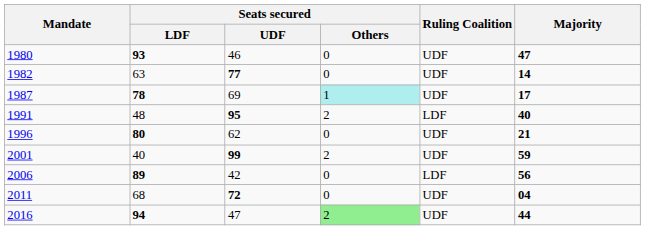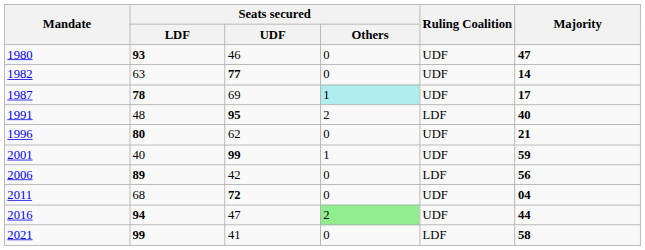 <table class="wikitable sortable"; text-align:center">
 <tr>
 <th rowspan="2">Mandate</th>
 <th colspan="3">Seats secured</th>
 <th rowspan="2">Ruling C<strong>oalition</strong></th>
 <th rowspan="2">Majority</th>
 </tr>
 <tr>
 <th style="width:15%;" Style="background-color:">LDF</th>
 <th style="width:15%;" Style="background-color:">UDF</th>
 <th>Others</th>
 </tr>
 <tr>
 <td><a href='#'>1980</a></td>
 <td style="width:15%;" Style="background-color:"><strong>93</strong></td>
 <td>46</td>
 <td>0</td>
 <td style="width:15%;" Style="background-color:">UDF</td>
 <td style="color:"><strong>47</strong></td>
 </tr>
 <tr>
 <td><a href='#'>1982</a></td>
 <td>63</td>
 <td style="width:15%;" Style="background-color:"><strong>77</strong></td>
 <td>0</td>
 <td style="width:15%;" Style="background-color:">UDF</td>
 <td style="color:"><strong>14</strong></td>
 </tr>
 <tr>
 <td><a href='#'>1987</a></td>
 <td style="width:15%;" Style="background-color:"><strong>78</strong></td>
 <td>69</td>
 <td style="background: paleturquoise;">1</td>
 <td style="width:15%;" Style="background-color:">UDF</td>
 <td style="color:"><strong>17</strong></td>
 </tr>
 <tr>
 <td><a href='#'>1991</a></td>
 <td>48</td>
 <td style="width:15%;" Style="background-color:"><strong>95</strong></td>
 <td>2</td>
 <td style="width:15%;" Style="background-color:">LDF</td>
 <td style="color:"><strong>40</strong></td>
 </tr>
 <tr>
 <td><a href='#'>1996</a></td>
 <td style="width:15%;" Style="background-color:"><strong>80</strong></td>
 <td>62</td>
 <td>0</td>
 <td style="width:15%;" Style="background-color:">UDF</td>
 <td style="color:"><strong>21</strong></td>
 </tr>
 <tr>
 <td><a href='#'>2001</a></td>
 <td>40</td>
 <td style="width:15%;" Style="background-color:"><strong>99</strong></td>
-<td>2</td>
+<td>1</td>
 <td style="width:15%;" Style="background-color:">UDF</td>
 <td style="color:"><strong>59</strong></td>
 </tr>
 <tr>
 <td><a href='#'>2006</a></td>
 <td style="width:15%;" Style="background-color:"><strong>89</strong></td>
 <td>42</td>
 <td>0</td>
 <td style="width:15%;" Style="background-color:">LDF</td>
 <td style="color:"><strong>56</strong></td>
 </tr>
 <tr>
 <td><a href='#'>2011</a></td>
 <td>68</td>
 <td style="width:15%;" Style="background-color:"><strong>72</strong></td>
 <td>0</td>
 <td style="width:15%;" Style="background-color:">UDF</td>
 <td style="color:"><strong>04</strong></td>
 </tr>
 <tr>
 <td><a href='#'>2016</a></td>
 <td style="width:15%;" Style="background-color:"><strong>94</strong></td>
 <td>47</td>
 <td style="background: lightgreen;">2</td>
 <td style="width:15%;" Style="background-color:">UDF</td>
 <td style="color:"><strong>44</strong></td>
 </tr>
+<tr>
+<td><a href='#'>2021</a></td>
+<td style="width:15%;" Style="background-color:"><strong>99</strong></td>
+<td>41</td>
+<td>0</td>
+<td style="width:15%;" Style="background-color:">LDF</td>
+<td style="color:"><strong>58</strong></td>
+</tr>
 </table>
